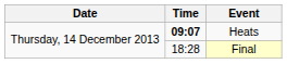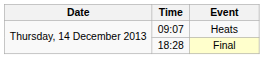 <table class = "wikitable" style="text-align:center;">
 <tr>
 <th width=220>Date</th>
 <th width=50>Time</th>
 <th width=100>Event</th>
 </tr>
 <tr>
 <td rowspan=2>Thursday, 14 December 2013</td>
-<td><strong>09:07</strong></td>
+<td>09:07</td>
 <td>Heats</td>
 </tr>
 <tr>
 <td>18:28</td>
 <td bgcolor=ffffcc>Final</td>
 </tr>
 </table>
